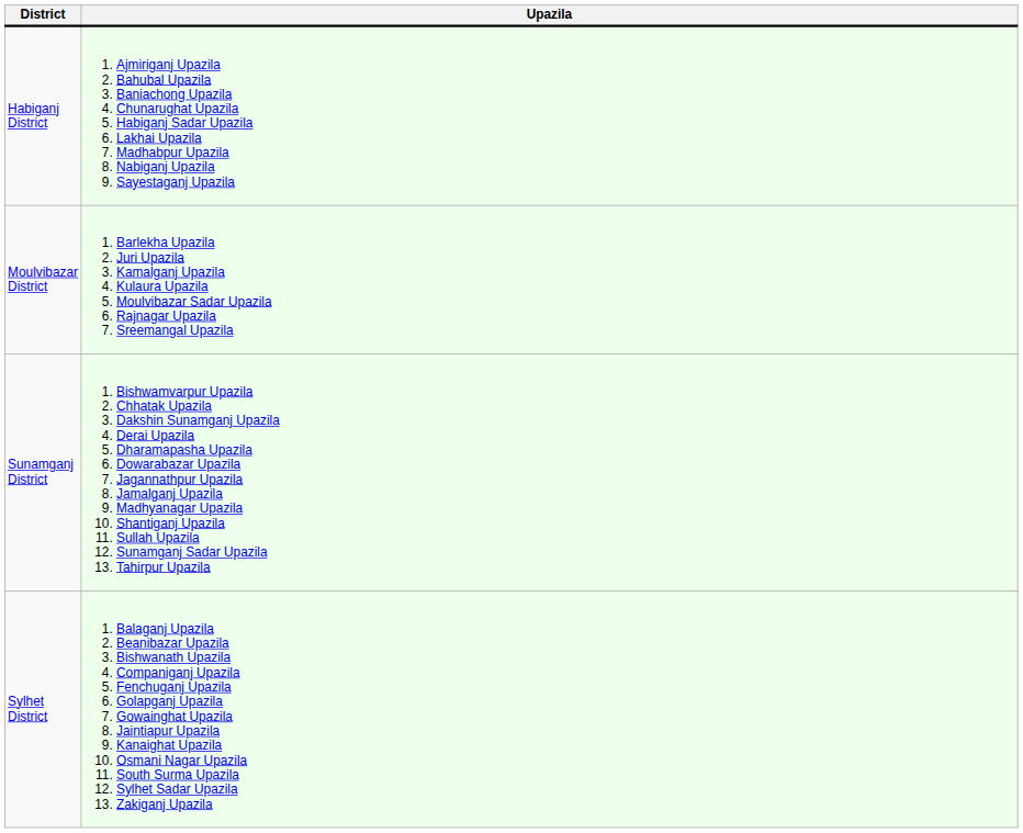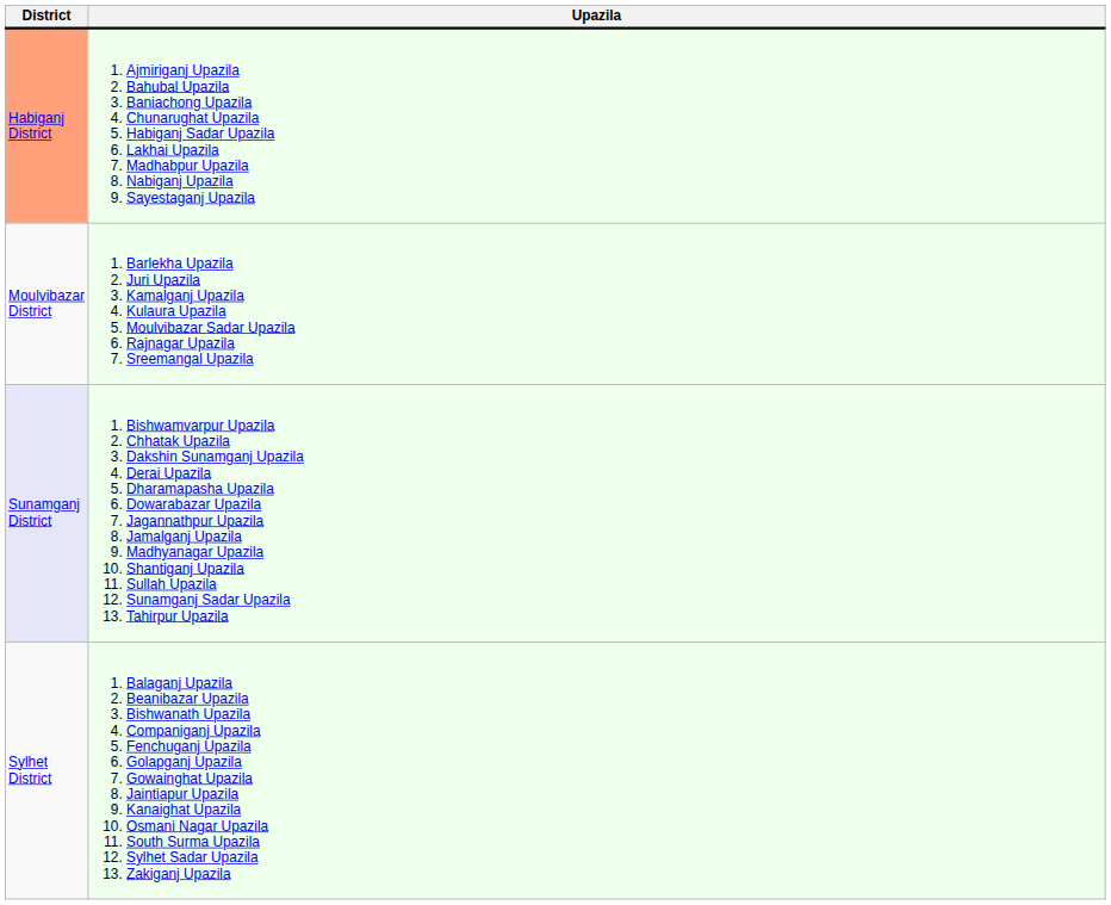 <table class="wikitable">
 <tr>
 <th>District</th>
 <th colspan="7" width="100%">Upazila</th>
 </tr>
 <tr style="border-top: 3px solid black">
-<td rowspan="1"><a href='#'>Habiganj District</a></td>
+<td rowspan="1" style="background: lightsalmon;"><a href='#'>Habiganj District</a></td>
 <td colspan="2" style="background: #eeffeb"><br><ol><li><a href='#'>Ajmiriganj Upazila</a></li><li><a href='#'>Bahubal Upazila</a></li><li><a href='#'>Baniachong Upazila</a></li><li><a href='#'>Chunarughat Upazila</a></li><li><a href='#'>Habiganj Sadar Upazila</a></li><li><a href='#'>Lakhai Upazila</a></li><li><a href='#'>Madhabpur Upazila</a></li><li><a href='#'>Nabiganj Upazila</a></li><li><a href='#'>Sayestaganj Upazila</a></li></ol></td>
 </tr>
 <tr>
 <td rowspan="1"><a href='#'>Moulvibazar District</a></td>
 <td colspan="2" style="background: #eeffeb"><br><ol><li><a href='#'>Barlekha Upazila</a></li><li><a href='#'>Juri Upazila</a></li><li><a href='#'>Kamalganj Upazila</a></li><li><a href='#'>Kulaura Upazila</a></li><li><a href='#'>Moulvibazar Sadar Upazila</a></li><li><a href='#'>Rajnagar Upazila</a></li><li><a href='#'>Sreemangal Upazila</a></li></ol></td>
 </tr>
 <tr>
-<td rowspan="1"><a href='#'>Sunamganj District</a></td>
+<td rowspan="1" style="background: lavender;"><a href='#'>Sunamganj District</a></td>
 <td colspan="2" style="background: #eeffeb"><br><ol><li><a href='#'>Bishwamvarpur Upazila</a></li><li><a href='#'>Chhatak Upazila</a></li><li><a href='#'>Dakshin Sunamganj Upazila</a></li><li><a href='#'>Derai Upazila</a></li><li><a href='#'>Dharamapasha Upazila</a></li><li><a href='#'>Dowarabazar Upazila</a></li><li><a href='#'>Jagannathpur Upazila</a></li><li><a href='#'>Jamalganj Upazila</a></li><li><a href='#'>Madhyanagar Upazila</a></li><li><a href='#'>Shantiganj Upazila</a></li><li><a href='#'>Sullah Upazila</a></li><li><a href='#'>Sunamganj Sadar Upazila</a></li><li><a href='#'>Tahirpur Upazila</a></li></ol></td>
 </tr>
 <tr>
 <td rowspan="1"><a href='#'>Sylhet District</a></td>
 <td colspan="2" style="background: #eeffeb"><br><ol><li><a href='#'>Balaganj Upazila</a></li><li><a href='#'>Beanibazar Upazila</a></li><li><a href='#'>Bishwanath Upazila</a></li><li><a href='#'>Companiganj Upazila</a></li><li><a href='#'>Fenchuganj Upazila</a></li><li><a href='#'>Golapganj Upazila</a></li><li><a href='#'>Gowainghat Upazila</a></li><li><a href='#'>Jaintiapur Upazila</a></li><li><a href='#'>Kanaighat Upazila</a></li><li><a href='#'>Osmani Nagar Upazila</a></li><li><a href='#'>South Surma Upazila</a></li><li><a href='#'>Sylhet Sadar Upazila</a></li><li><a href='#'>Zakiganj Upazila</a></li></ol></td>
 </tr>
 </table>
